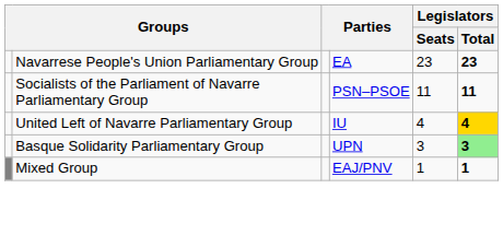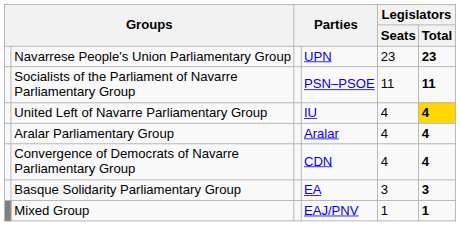 <table class="wikitable" style="text-align:left;">
 <tr>
 <th rowspan="2" colspan="2">Groups</th>
 <th rowspan="2" colspan="2">Parties</th>
 <th colspan="2">Legislators</th>
 </tr>
 <tr>
 <th>Seats</th>
 <th>Total</th>
 </tr>
 <tr>
 <td width="1" style="color:inherit;background:"></td>
 <td>Navarrese People's Union Parliamentary Group</td>
 <td width="1" style="color:inherit;background:"></td>
-<td><a href='#'>EA</a></td>
+<td><a href='#'>UPN</a></td>
 <td>23</td>
 <td><strong>23</strong></td>
 </tr>
 <tr>
 <td style="color:inherit;background:"></td>
 <td>Socialists of the Parliament of Navarre<br>Parliamentary Group</td>
 <td style="color:inherit;background:"></td>
 <td><a href='#'>PSN–PSOE</a></td>
 <td>11</td>
 <td><strong>11</strong></td>
 </tr>
 <tr>
 <td style="color:inherit;background:"></td>
 <td>United Left of Navarre Parliamentary Group</td>
 <td style="color:inherit;background:"></td>
 <td><a href='#'>IU</a></td>
 <td>4</td>
 <td style="background: gold;"><strong>4</strong></td>
 </tr>
 <tr>
 <td style="color:inherit;background:"></td>
+<td>Aralar Parliamentary Group</td>
+<td style="color:inherit;background:"></td>
+<td><a href='#'>Aralar</a></td>
+<td>4</td>
+<td><strong>4</strong></td>
+</tr>
+<tr>
+<td style="color:inherit;background:"></td>
+<td>Convergence of Democrats of Navarre<br>Parliamentary Group</td>
+<td style="color:inherit;background:"></td>
+<td><a href='#'>CDN</a></td>
+<td>4</td>
+<td><strong>4</strong></td>
+</tr>
+<tr>
+<td style="color:inherit;background:"></td>
 <td>Basque Solidarity Parliamentary Group</td>
 <td style="color:inherit;background:"></td>
-<td><a href='#'>UPN</a></td>
+<td><a href='#'>EA</a></td>
 <td>3</td>
-<td style="background: lightgreen;"><strong>3</strong></td>
+<td><strong>3</strong></td>
 </tr>
 <tr>
 <td bgcolor="gray"></td>
 <td>Mixed Group</td>
 <td style="color:inherit;background:"></td>
 <td><a href='#'>EAJ/PNV</a></td>
 <td>1</td>
 <td><strong>1</strong></td>
 </tr>
 </table>
